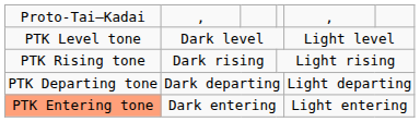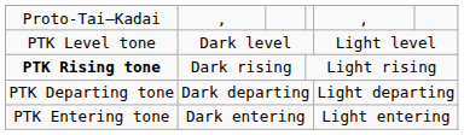 <table class="wikitable" style="text-align: center">
 <tr>
 <td>Proto-Tai–Kadai</td>
 <td>, </td>
 <td></td>
 <td></td>
 <td>, </td>
 <td></td>
 </tr>
 <tr>
 <td>PTK Level tone</td>
 <td colspan="3">Dark level</td>
 <td colspan="2">Light level</td>
 </tr>
 <tr>
-<td>PTK Rising tone</td>
+<td><strong>PTK Rising tone</strong></td>
 <td colspan="2">Dark rising</td>
 <td colspan="3">Light rising</td>
 </tr>
 <tr>
 <td>PTK Departing tone</td>
 <td colspan="3">Dark departing</td>
 <td colspan="2">Light departing</td>
 </tr>
 <tr>
-<td style="background: lightsalmon;">PTK Entering tone</td>
+<td>PTK Entering tone</td>
 <td colspan="3">Dark entering</td>
 <td colspan="2">Light entering</td>
 </tr>
 </table>
